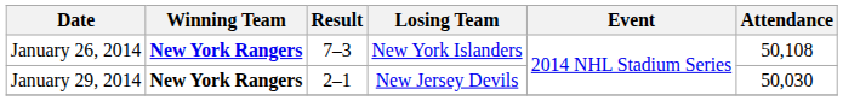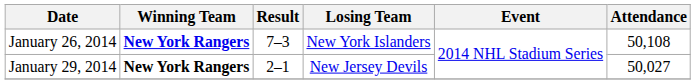 <table class="wikitable" align=center style="margin-left:15px; text-align:center; background:#ffffff;">
 <tr>
 <th style="text-align:center; ">Date</th>
 <th style="text-align:center; ">Winning Team</th>
 <th style="text-align:center; ">Result</th>
 <th style="text-align:center; ">Losing Team</th>
 <th style="text-align:center; ">Event</th>
 <th style="text-align:center; ">Attendance</th>
 </tr>
 <tr>
 <td>January 26, 2014</td>
 <td><strong><a href='#'>New York Rangers</a></strong></td>
 <td>7–3</td>
 <td><a href='#'>New York Islanders</a></td>
 <td rowspan=2><a href='#'>2014 NHL Stadium Series</a></td>
 <td>50,108</td>
 </tr>
 <tr>
 <td>January 29, 2014</td>
 <td><strong>New York Rangers</strong></td>
 <td>2–1</td>
 <td><a href='#'>New Jersey Devils</a></td>
-<td>50,030</td>
+<td>50,027</td>
 </tr>
 <tr>
 </tr>
 </table>
